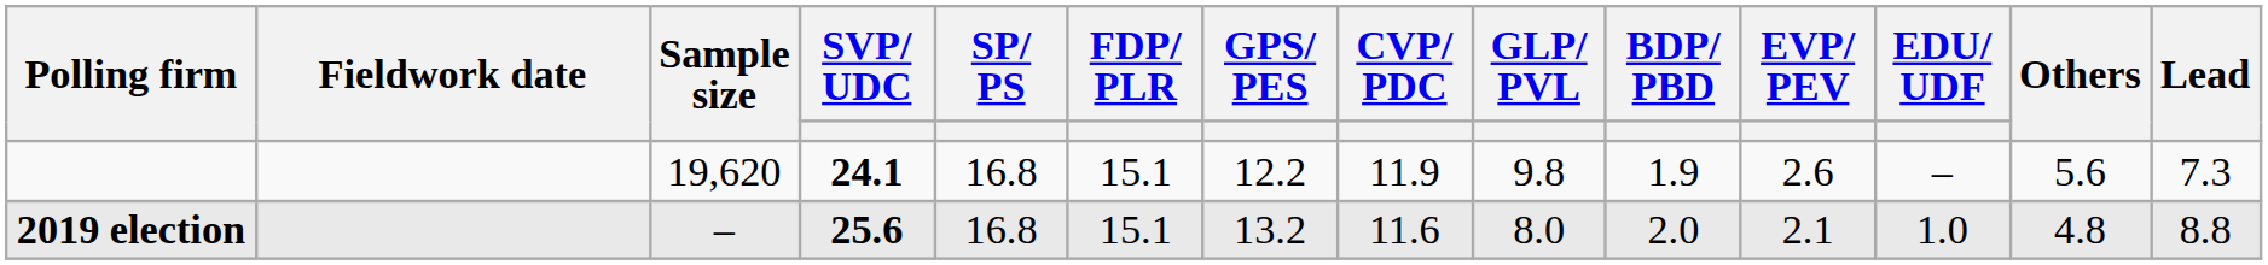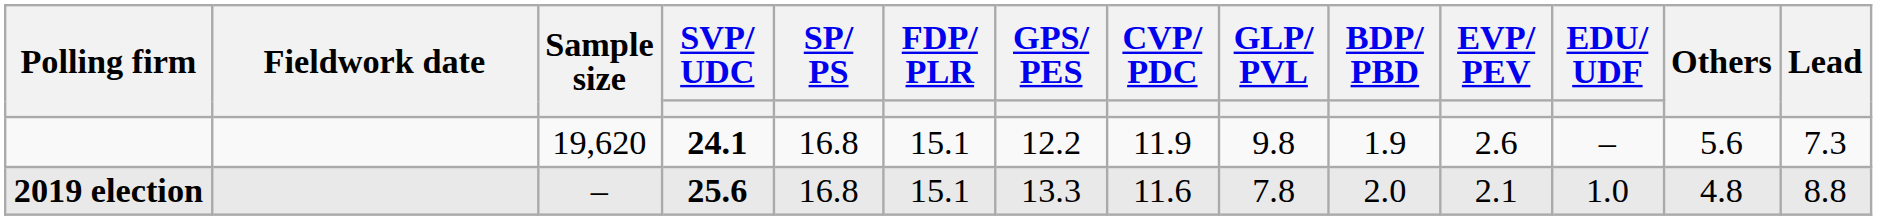 <table class="wikitable sortable" style="text-align:center;font-size:90%;line-height:14px;">
 <tr style="height:40px;">
 <th style="width:80px;" rowspan="2">Polling firm</th>
 <th style="width:130px;" rowspan="2">Fieldwork date</th>
 <th style="width:35px;" rowspan="2">Sample<br>size</th>
 <th class="unsortable" style="width:40px;"><a href='#'>SVP/<br>UDC</a></th>
 <th class="unsortable" style="width:40px;"><a href='#'>SP/<br>PS</a></th>
 <th class="unsortable" style="width:40px;"><a href='#'>FDP/<br>PLR</a></th>
 <th class="unsortable" style="width:40px;"><a href='#'>GPS/<br>PES</a></th>
 <th class="unsortable" style="width:40px;"><a href='#'>CVP/<br>PDC</a></th>
 <th class="unsortable" style="width:40px;"><a href='#'>GLP/<br>PVL</a></th>
 <th class="unsortable" style="width:40px;"><a href='#'>BDP/<br>PBD</a></th>
 <th class="unsortable" style="width:40px;"><a href='#'>EVP/<br>PEV</a></th>
 <th class="unsortable" style="width:40px;"><a href='#'>EDU/<br>UDF</a></th>
 <th class="unsortable" style="width:30px;" rowspan="2">Others</th>
 <th style="width:30px;" rowspan="2">Lead</th>
 </tr>
 <tr>
 <th style="background:"></th>
 <th style="background:"></th>
 <th style="background:"></th>
 <th style="background:"></th>
 <th style="background:"></th>
 <th style="background:"></th>
 <th style="background:"></th>
 <th style="background:"></th>
 <th style="background:"></th>
 </tr>
 <tr>
 <td></td>
 <td></td>
 <td>19,620</td>
 <td style="background:#"><strong>24.1</strong></td>
 <td>16.8</td>
 <td>15.1</td>
 <td>12.2</td>
 <td>11.9</td>
 <td>9.8</td>
 <td>1.9</td>
 <td>2.6</td>
 <td>–</td>
 <td>5.6</td>
 <td style="background:">7.3</td>
 </tr>
 <tr style="background:#E9E9E9;">
 <td><strong>2019 election</strong></td>
 <td></td>
 <td>–</td>
 <td style="background:#"><strong>25.6</strong></td>
 <td>16.8</td>
 <td>15.1</td>
-<td>13.2</td>
+<td>13.3</td>
 <td>11.6</td>
-<td>8.0</td>
+<td>7.8</td>
 <td>2.0</td>
 <td>2.1</td>
 <td>1.0</td>
 <td>4.8</td>
 <td style="background:">8.8</td>
 </tr>
 </table>
